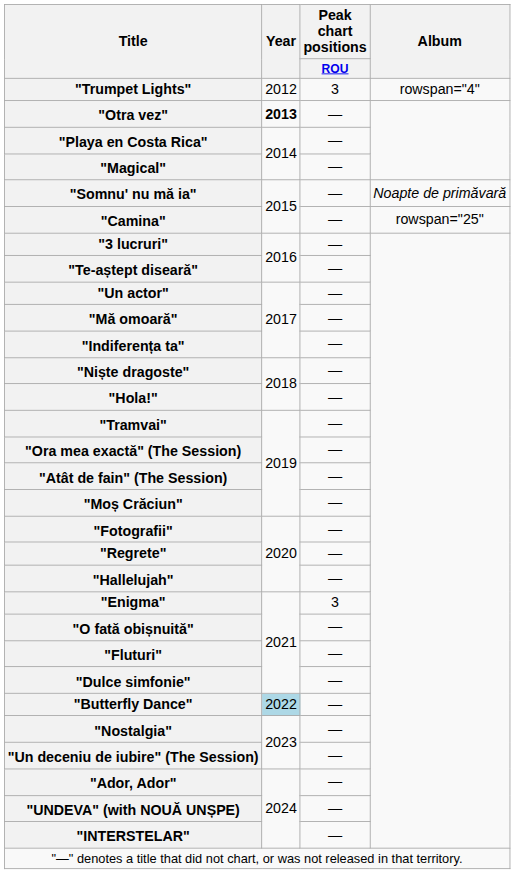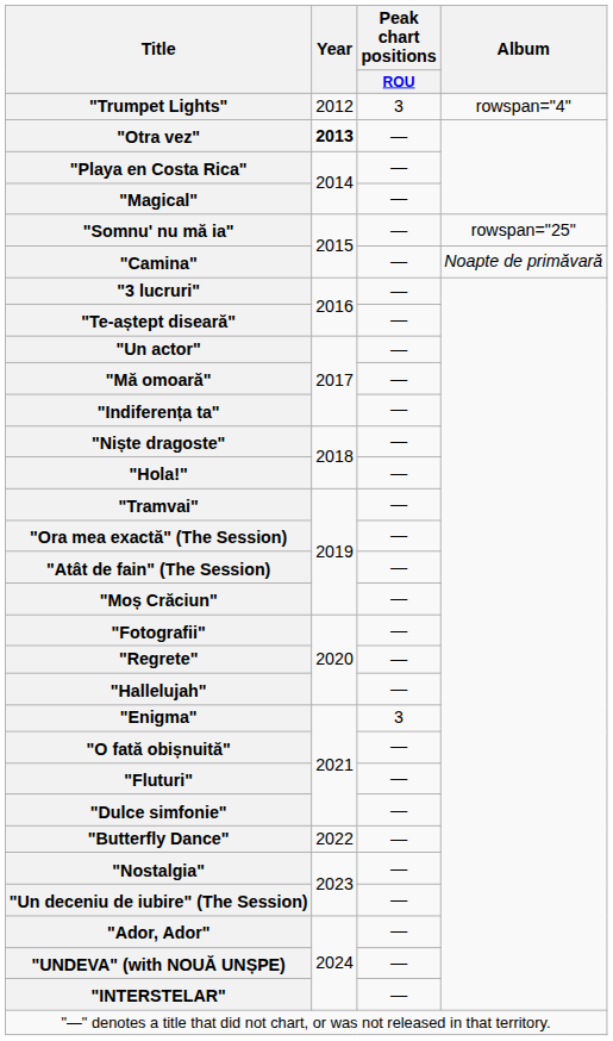 <table class="wikitable plainrowheaders" style="text-align:center;">
 <tr>
 <th scope="col" rowspan="2">Title</th>
 <th scope="col" rowspan="2">Year</th>
 <th scope="col" colspan="1">Peak chart positions</th>
 <th scope="col" rowspan="2">Album</th>
 </tr>
 <tr>
 <th style="width:3em;font-size:85%"><a href='#'>ROU</a><br></th>
 </tr>
 <tr>
 <th scope="row">"Trumpet Lights"<br> <sup></sup></th>
 <td>2012</td>
 <td>3</td>
 <td>rowspan="4" </td>
 </tr>
 <tr>
 <th scope="row">"Otra vez" <sup></sup></th>
 <td><strong>2013</strong></td>
 <td>—</td>
 </tr>
 <tr>
 <th scope="row">"Playa en Costa Rica" <sup></sup></th>
 <td rowspan="2">2014</td>
 <td>—</td>
 </tr>
 <tr>
 <th scope="row">"Magical" <sup></sup></th>
 <td>—</td>
 </tr>
 <tr>
 <th scope="row">"Somnu' nu mă ia" <sup></sup></th>
 <td rowspan="2">2015</td>
 <td>—</td>
-<td><em>Noapte de primăvară</em></td>
+<td>rowspan="25" </td>
 </tr>
 <tr>
 <th scope="row">"Camina" <sup></sup></th>
 <td>—</td>
-<td>rowspan="25" </td>
+<td><em>Noapte de primăvară</em></td>
 </tr>
 <tr>
 <th scope="row">"3 lucruri"<br> <sup></sup></th>
 <td rowspan="2">2016</td>
 <td>—</td>
 </tr>
 <tr>
 <th scope="row">"Te-aștept diseară" <sup></sup></th>
 <td>—</td>
 </tr>
 <tr>
 <th scope="row">"Un actor"<br> <sup></sup></th>
 <td rowspan="3">2017</td>
 <td>—</td>
 </tr>
 <tr>
 <th scope="row">"Mă omoară" <sup></sup></th>
 <td>—</td>
 </tr>
 <tr>
 <th scope="row">"Indiferența ta" <sup></sup></th>
 <td>—</td>
 </tr>
 <tr>
 <th scope="row">"Niște dragoste" <sup></sup></th>
 <td rowspan="2">2018</td>
 <td>—</td>
 </tr>
 <tr>
 <th scope="row">"Hola!" <sup></sup></th>
 <td>—</td>
 </tr>
 <tr>
 <th scope="row">"Tramvai" <sup></sup></th>
 <td rowspan="4">2019</td>
 <td>—</td>
 </tr>
 <tr>
 <th scope="row">"Ora mea exactă" (The Session) <sup></sup></th>
 <td>—</td>
 </tr>
 <tr>
 <th scope="row">"Atât de fain" (The Session) <sup></sup></th>
 <td>—</td>
 </tr>
 <tr>
 <th scope="row">"Moș Crăciun" <sup></sup></th>
 <td>—</td>
 </tr>
 <tr>
 <th scope="row">"Fotografii" <sup></sup></th>
 <td rowspan="3">2020</td>
 <td>—</td>
 </tr>
 <tr>
 <th scope="row">"Regrete"<br> <sup></sup></th>
 <td>—</td>
 </tr>
 <tr>
 <th scope="row">"Hallelujah" <sup></sup></th>
 <td>—</td>
 </tr>
 <tr>
 <th scope="row">"Enigma"<br> <sup></sup></th>
 <td rowspan="4">2021</td>
 <td>3</td>
 </tr>
 <tr>
 <th scope="row">"O fată obișnuită" <sup></sup></th>
 <td>—</td>
 </tr>
 <tr>
 <th scope="row">"Fluturi" <sup></sup></th>
 <td>—</td>
 </tr>
 <tr>
 <th scope="row">"Dulce simfonie" <sup></sup></th>
 <td>—</td>
 </tr>
 <tr>
 <th scope="row">"Butterfly Dance"<br> <sup></sup></th>
-<td style="background: lightblue;">2022</td>
+<td>2022</td>
 <td>—</td>
 </tr>
 <tr>
 <th scope="row">"Nostalgia" <sup></sup></th>
 <td rowspan="2">2023</td>
 <td>—</td>
 </tr>
 <tr>
 <th scope="row">"Un deceniu de iubire" (The Session) <sup></sup></th>
 <td>—</td>
 </tr>
 <tr>
 <th scope="row">"Ador, Ador" <sup></sup></th>
 <td rowspan="3">2024</td>
 <td>—</td>
 </tr>
 <tr>
 <th scope="row">"UNDEVA" (with NOUĂ UNȘPE) <sup></sup></th>
 <td>—</td>
 </tr>
 <tr>
 <th scope="row">"INTERSTELAR" <sup></sup></th>
 <td>—</td>
 </tr>
 <tr>
 <td colspan="12" style="font-size:90%">"—" denotes a title that did not chart, or was not released in that territory.</td>
 </tr>
 </table>
